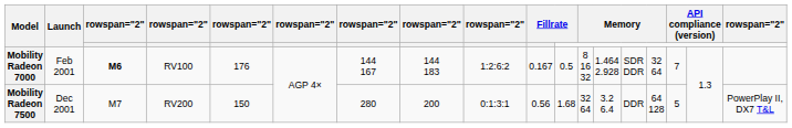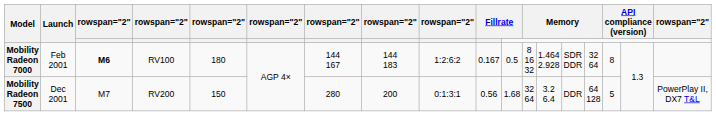 <table class="mw-datatable wikitable sortable" style="font-size: 80%; text-align:center;">
 <tr>
 <th rowspan="2">Model</th>
 <th rowspan="2">Launch</th>
 <th>rowspan="2" </th>
 <th>rowspan="2" </th>
 <th>rowspan="2" </th>
 <th>rowspan="2" </th>
 <th>rowspan="2" </th>
 <th>rowspan="2" </th>
 <th>rowspan="2" </th>
 <th colspan="2"><a href='#'>Fillrate</a></th>
 <th colspan="4">Memory</th>
 <th colspan="2"><a href='#'>API</a> compliance (version)</th>
 <th>rowspan="2" </th>
 </tr>
 <tr>
 <th></th>
 <th></th>
 <th></th>
 <th></th>
 <th></th>
 <th></th>
 <th></th>
 <th></th>
 </tr>
 <tr>
 <th>Mobility Radeon 7000</th>
 <td>Feb 2001</td>
 <td><strong>M6</strong></td>
 <td>RV100</td>
-<td>176</td>
+<td>180</td>
 <td rowspan="3">AGP 4×</td>
 <td>144<br>167</td>
 <td>144<br>183</td>
 <td>1:2:6:2</td>
 <td>0.167</td>
 <td>0.5</td>
 <td>8<br>16<br>32</td>
 <td>1.464<br>2.928</td>
 <td>SDR<br>DDR</td>
 <td>32<br>64</td>
-<td>7</td>
+<td>8</td>
 <td rowspan="2">1.3</td>
 <td></td>
 </tr>
 <tr>
 <th>Mobility Radeon 7500</th>
 <td>Dec 2001</td>
 <td>M7</td>
 <td>RV200</td>
 <td rowspan="3">150</td>
 <td>280</td>
 <td rowspan="2">200</td>
 <td>0:1:3:1</td>
 <td>0.56</td>
 <td>1.68</td>
 <td rowspan="3">32<br>64</td>
 <td rowspan="2">3.2<br>6.4</td>
 <td rowspan="9">DDR</td>
 <td rowspan="6">64<br>128</td>
 <td>5</td>
 <td>PowerPlay II, DX7 <a href='#'>T&L</a></td>
 </tr>
 </table>
